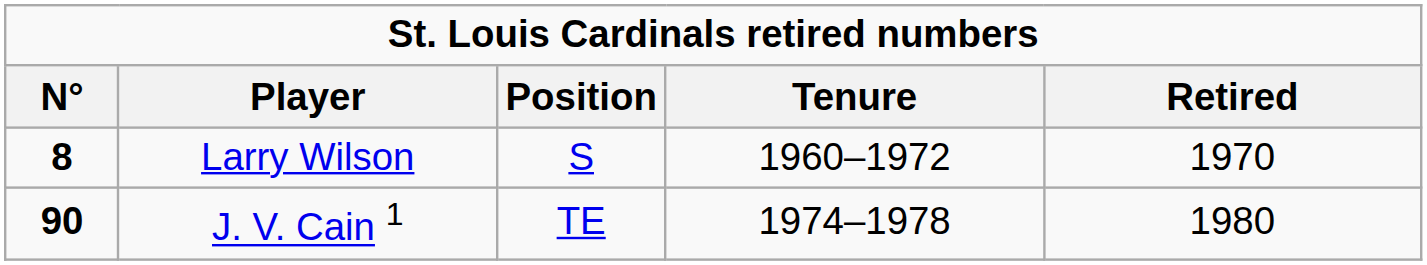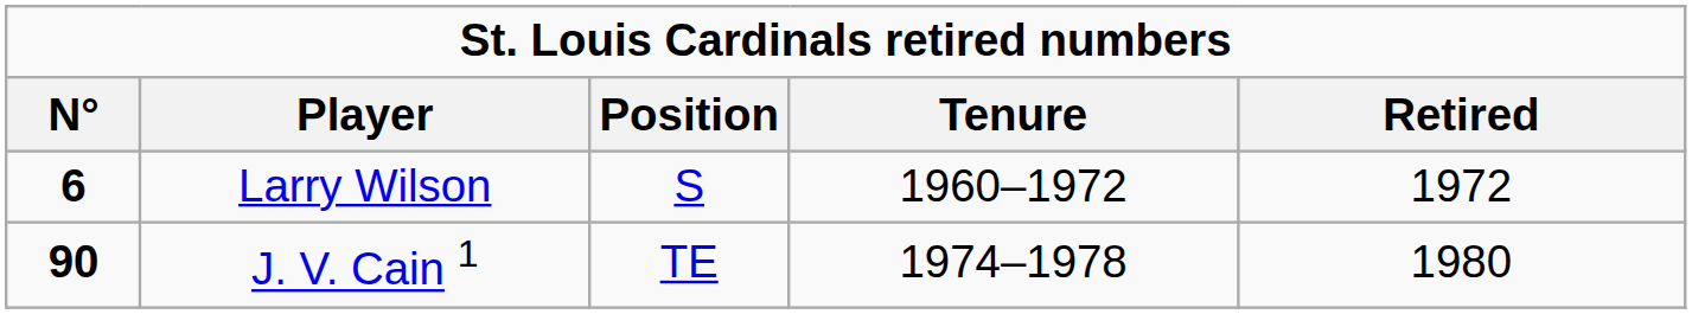 <table class="wikitable" style="text-align:center">
 <tr>
 <td colspan="5"><strong>St. Louis Cardinals retired numbers</strong></td>
 </tr>
 <tr>
 <th width="40">N°</th>
 <th width="150">Player</th>
 <th width="40">Position</th>
 <th width="150">Tenure</th>
 <th width="150">Retired</th>
 </tr>
 <tr>
-<td><strong>8</strong></td>
+<td><strong>6</strong></td>
 <td><a href='#'>Larry Wilson</a></td>
 <td><a href='#'>S</a></td>
 <td>1960–1972</td>
-<td>1970</td>
+<td>1972</td>
 </tr>
 <tr>
 <td><strong>90</strong></td>
 <td><a href='#'>J. V. Cain</a> <sup>1</sup></td>
 <td><a href='#'>TE</a></td>
 <td>1974–1978</td>
 <td>1980</td>
 </tr>
 </table>
